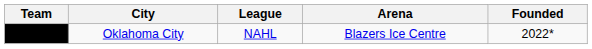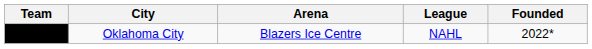 <table class="wikitable sortable" width="60%">
 <tr>
 <th>Team</th>
 <th>City</th>
+<th>Arena</th>
 <th>League</th>
-<th>Arena</th>
 <th>Founded</th>
 </tr>
 <tr align=center>
 <td style="color:white; background:#000000; "><strong><a href='#'></a></strong></td>
 <td><a href='#'>Oklahoma City</a></td>
+<td><a href='#'>Blazers Ice Centre</a></td>
 <td><a href='#'>NAHL</a></td>
-<td><a href='#'>Blazers Ice Centre</a></td>
 <td>2022*</td>
 </tr>
 </table>
